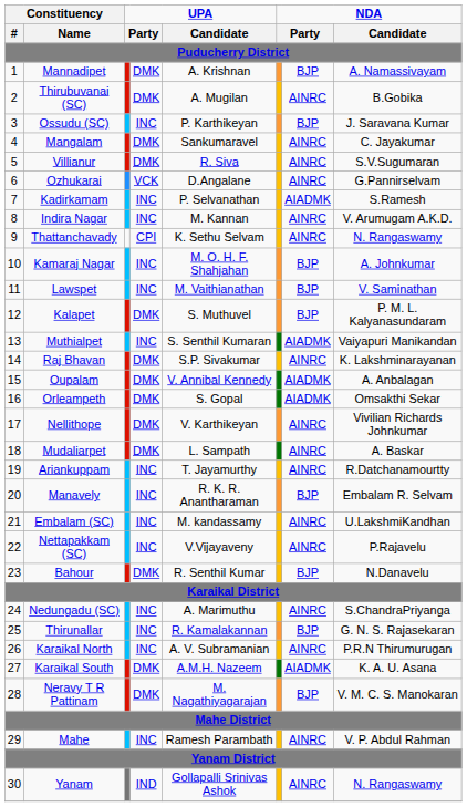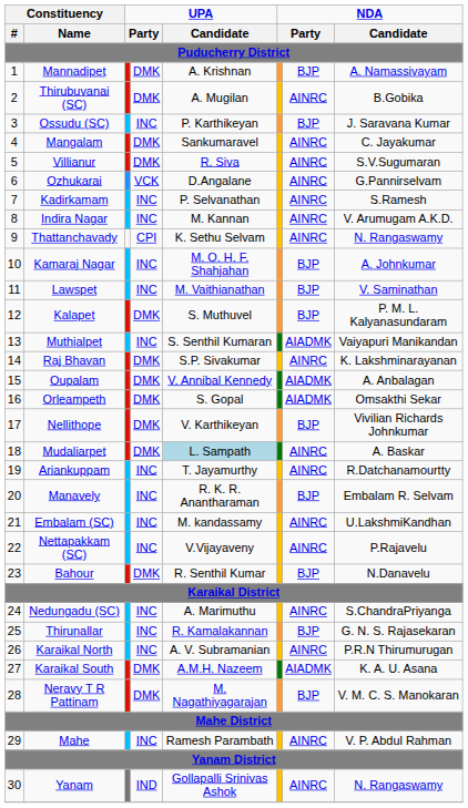 <table class="wikitable sortable" style="text-align:center;">
 <tr>
 <th colspan="2">Constituency</th>
 <td colspan="3"><a href='#'><strong>UPA</strong></a></td>
 <td colspan="3"><strong><a href='#'>NDA</a></strong></td>
 </tr>
 <tr>
 <th>#</th>
 <th>Name</th>
 <th colspan="2">Party</th>
 <th>Candidate</th>
 <th colspan="2">Party</th>
 <th>Candidate</th>
 </tr>
 <tr>
 <td colspan="8" align="center" bgcolor="grey"><a href='#'><span><strong>Puducherry District</strong></span></a></td>
 </tr>
 <tr>
 <td>1</td>
 <td><a href='#'>Mannadipet</a></td>
 <td bgcolor=#DD1100></td>
 <td><a href='#'>DMK</a></td>
 <td>A. Krishnan</td>
 <td bgcolor=#FF9933></td>
 <td><a href='#'>BJP</a></td>
 <td><a href='#'>A. Namassivayam</a></td>
 </tr>
 <tr>
 <td>2</td>
 <td><a href='#'>Thirubuvanai (SC)</a></td>
 <td bgcolor=#DD1100></td>
 <td><a href='#'>DMK</a></td>
 <td>A. Mugilan</td>
 <td bgcolor=#FFC000></td>
 <td><a href='#'>AINRC</a></td>
 <td>B.Gobika</td>
 </tr>
 <tr>
 <td>3</td>
 <td><a href='#'>Ossudu (SC)</a></td>
 <td bgcolor=#00BFFF></td>
 <td><a href='#'>INC</a></td>
 <td>P. Karthikeyan</td>
 <td bgcolor=#FF9933></td>
 <td><a href='#'>BJP</a></td>
 <td>J. Saravana Kumar</td>
 </tr>
 <tr>
 <td>4</td>
 <td><a href='#'>Mangalam</a></td>
 <td bgcolor=#DD1100></td>
 <td><a href='#'>DMK</a></td>
 <td>Sankumaravel</td>
 <td bgcolor=#FFC000></td>
 <td><a href='#'>AINRC</a></td>
 <td>C. Jayakumar</td>
 </tr>
 <tr>
 <td>5</td>
 <td><a href='#'>Villianur</a></td>
 <td bgcolor=#DD1100></td>
 <td><a href='#'>DMK</a></td>
 <td><a href='#'>R. Siva</a></td>
 <td bgcolor=#FFC000></td>
 <td><a href='#'>AINRC</a></td>
 <td>S.V.Sugumaran</td>
 </tr>
 <tr>
 <td>6</td>
 <td><a href='#'>Ozhukarai</a></td>
 <td bgcolor=#1E90FF></td>
 <td><a href='#'>VCK</a></td>
 <td>D.Angalane</td>
 <td bgcolor=#FFC000></td>
 <td><a href='#'>AINRC</a></td>
 <td>G.Pannirselvam</td>
 </tr>
 <tr>
 <td>7</td>
 <td><a href='#'>Kadirkamam</a></td>
 <td bgcolor=#00BFFF></td>
 <td><a href='#'>INC</a></td>
 <td>P. Selvanathan</td>
 <td bgcolor=#FFC000></td>
-<td><a href='#'>AIADMK</a></td>
+<td><a href='#'>AINRC</a></td>
 <td>S.Ramesh</td>
 </tr>
 <tr>
 <td>8</td>
 <td><a href='#'>Indira Nagar</a></td>
 <td bgcolor=#00BFFF></td>
 <td><a href='#'>INC</a></td>
 <td>M. Kannan</td>
 <td bgcolor=#FFC000></td>
 <td><a href='#'>AINRC</a></td>
 <td>V. Arumugam A.K.D.</td>
 </tr>
 <tr>
 <td>9</td>
 <td><a href='#'>Thattanchavady</a></td>
 <td bgcolor=></td>
 <td><a href='#'>CPI</a></td>
 <td>K. Sethu Selvam</td>
 <td bgcolor=#FFC000></td>
 <td><a href='#'>AINRC</a></td>
 <td><a href='#'>N. Rangaswamy</a></td>
 </tr>
 <tr>
 <td>10</td>
 <td><a href='#'>Kamaraj Nagar</a></td>
 <td bgcolor=#00BFFF></td>
 <td><a href='#'>INC</a></td>
 <td><a href='#'>M. O. H. F. Shahjahan</a></td>
 <td bgcolor=#FF9933></td>
 <td><a href='#'>BJP</a></td>
 <td><a href='#'>A. Johnkumar</a></td>
 </tr>
 <tr>
 <td>11</td>
 <td><a href='#'>Lawspet</a></td>
 <td bgcolor=#00BFFF></td>
 <td><a href='#'>INC</a></td>
 <td><a href='#'>M. Vaithianathan</a></td>
 <td bgcolor=#FF9933></td>
 <td><a href='#'>BJP</a></td>
 <td><a href='#'>V. Saminathan</a></td>
 </tr>
 <tr>
 <td>12</td>
 <td><a href='#'>Kalapet</a></td>
 <td bgcolor=#DD1100></td>
 <td><a href='#'>DMK</a></td>
 <td>S. Muthuvel</td>
 <td bgcolor=#FF9933></td>
 <td><a href='#'>BJP</a></td>
 <td>P. M. L. Kalyanasundaram</td>
 </tr>
 <tr>
 <td>13</td>
 <td><a href='#'>Muthialpet</a></td>
 <td bgcolor=#00BFFF></td>
 <td><a href='#'>INC</a></td>
 <td>S. Senthil Kumaran</td>
 <td bgcolor=#007500></td>
 <td><a href='#'>AIADMK</a></td>
 <td>Vaiyapuri Manikandan</td>
 </tr>
 <tr>
 <td>14</td>
 <td><a href='#'>Raj Bhavan</a></td>
 <td bgcolor=#DD1100></td>
 <td><a href='#'>DMK</a></td>
 <td>S.P. Sivakumar</td>
 <td bgcolor=#FFC000></td>
 <td><a href='#'>AINRC</a></td>
 <td>K. Lakshminarayanan</td>
 </tr>
 <tr>
 <td>15</td>
 <td><a href='#'>Oupalam</a></td>
 <td bgcolor=#DD1100></td>
 <td><a href='#'>DMK</a></td>
 <td><a href='#'>V. Annibal Kennedy</a></td>
 <td bgcolor=#007500></td>
 <td><a href='#'>AIADMK</a></td>
 <td>A. Anbalagan</td>
 </tr>
 <tr>
 <td>16</td>
 <td><a href='#'>Orleampeth</a></td>
 <td bgcolor=#DD1100></td>
 <td><a href='#'>DMK</a></td>
 <td>S. Gopal</td>
 <td bgcolor=#007500></td>
 <td><a href='#'>AIADMK</a></td>
 <td>Omsakthi Sekar</td>
 </tr>
 <tr>
 <td>17</td>
 <td><a href='#'>Nellithope</a></td>
 <td bgcolor=#DD1100></td>
 <td><a href='#'>DMK</a></td>
 <td>V. Karthikeyan</td>
 <td bgcolor=#FF9933></td>
-<td><a href='#'>AINRC</a></td>
+<td><a href='#'>BJP</a></td>
 <td>Vivilian Richards Johnkumar</td>
 </tr>
 <tr>
 <td>18</td>
 <td><a href='#'>Mudaliarpet</a></td>
 <td bgcolor=#DD1100></td>
 <td><a href='#'>DMK</a></td>
-<td>L. Sampath</td>
+<td style="background: lightblue;">L. Sampath</td>
 <td bgcolor=#007500></td>
 <td><a href='#'>AINRC</a></td>
 <td>A. Baskar</td>
 </tr>
 <tr>
 <td>19</td>
 <td><a href='#'>Ariankuppam</a></td>
 <td bgcolor=#00BFFF></td>
 <td><a href='#'>INC</a></td>
 <td>T. Jayamurthy</td>
 <td bgcolor=#FFC000></td>
 <td><a href='#'>AINRC</a></td>
 <td>R.Datchanamourtty</td>
 </tr>
 <tr>
 <td>20</td>
 <td><a href='#'>Manavely</a></td>
 <td bgcolor=#00BFFF></td>
 <td><a href='#'>INC</a></td>
 <td>R. K. R. Anantharaman</td>
 <td bgcolor=#FF9933></td>
 <td><a href='#'>BJP</a></td>
 <td>Embalam R. Selvam</td>
 </tr>
 <tr>
 <td>21</td>
 <td><a href='#'>Embalam (SC)</a></td>
 <td bgcolor=#00BFFF></td>
 <td><a href='#'>INC</a></td>
 <td>M. kandassamy</td>
 <td bgcolor=#FFC000></td>
 <td><a href='#'>AINRC</a></td>
 <td>U.LakshmiKandhan</td>
 </tr>
 <tr>
 <td>22</td>
 <td><a href='#'>Nettapakkam (SC)</a></td>
 <td bgcolor=#00BFFF></td>
 <td><a href='#'>INC</a></td>
 <td>V.Vijayaveny</td>
 <td bgcolor=#FFC000></td>
 <td><a href='#'>AINRC</a></td>
 <td>P.Rajavelu</td>
 </tr>
 <tr>
 <td>23</td>
 <td><a href='#'>Bahour</a></td>
 <td bgcolor=#DD1100></td>
 <td><a href='#'>DMK</a></td>
 <td>R. Senthil Kumar</td>
 <td bgcolor=#FFC000></td>
 <td><a href='#'>BJP</a></td>
 <td>N.Danavelu</td>
 </tr>
 <tr>
 <td colspan="8" align="center" bgcolor="grey"><a href='#'><span><strong>Karaikal District</strong></span></a></td>
 </tr>
 <tr>
 <td>24</td>
 <td><a href='#'>Nedungadu (SC)</a></td>
 <td bgcolor=#00BFFF></td>
 <td><a href='#'>INC</a></td>
 <td>A. Marimuthu</td>
 <td bgcolor=#FFC000></td>
 <td><a href='#'>AINRC</a></td>
 <td>S.ChandraPriyanga</td>
 </tr>
 <tr>
 <td>25</td>
 <td><a href='#'>Thirunallar</a></td>
 <td bgcolor=#00BFFF></td>
 <td><a href='#'>INC</a></td>
 <td><a href='#'>R. Kamalakannan</a></td>
 <td bgcolor=#FF9933></td>
 <td><a href='#'>BJP</a></td>
 <td>G. N. S. Rajasekaran</td>
 </tr>
 <tr>
 <td>26</td>
 <td><a href='#'>Karaikal North</a></td>
 <td bgcolor=#00BFFF></td>
 <td><a href='#'>INC</a></td>
 <td>A. V. Subramanian</td>
 <td bgcolor=#FFC000></td>
 <td><a href='#'>AINRC</a></td>
 <td>P.R.N Thirumurugan</td>
 </tr>
 <tr>
 <td>27</td>
 <td><a href='#'>Karaikal South</a></td>
 <td bgcolor=#DD1100></td>
 <td><a href='#'>DMK</a></td>
 <td><a href='#'>A.M.H. Nazeem</a></td>
 <td bgcolor=#007500></td>
 <td><a href='#'>AIADMK</a></td>
 <td>K. A. U. Asana</td>
 </tr>
 <tr>
 <td>28</td>
 <td><a href='#'>Neravy T R Pattinam</a></td>
 <td bgcolor=#DD1100></td>
 <td><a href='#'>DMK</a></td>
 <td><a href='#'>M. Nagathiyagarajan</a></td>
 <td bgcolor=#FF9933></td>
 <td><a href='#'>BJP</a></td>
 <td>V. M. C. S. Manokaran</td>
 </tr>
 <tr>
 <td colspan="8" align="center" bgcolor="grey"><a href='#'><span><strong>Mahe District</strong></span></a></td>
 </tr>
 <tr>
 <td>29</td>
 <td><a href='#'>Mahe</a></td>
 <td bgcolor=#00BFFF></td>
 <td><a href='#'>INC</a></td>
 <td>Ramesh Parambath</td>
 <td bgcolor=#FFC000></td>
 <td><a href='#'>AINRC</a></td>
 <td>V. P. Abdul Rahman</td>
 </tr>
 <tr>
 </tr>
 <tr>
 <td colspan="8" align="center" bgcolor="grey"><a href='#'><span><strong>Yanam District</strong></span></a></td>
 </tr>
 <tr>
 <td>30</td>
 <td><a href='#'>Yanam</a></td>
 <td bgcolor=#757575></td>
 <td><a href='#'>IND</a></td>
 <td><a href='#'>Gollapalli Srinivas Ashok</a></td>
 <td bgcolor=#FFC000></td>
 <td><a href='#'>AINRC</a></td>
 <td><a href='#'>N. Rangaswamy</a></td>
 </tr>
 <tr>
 </tr>
 </table>
